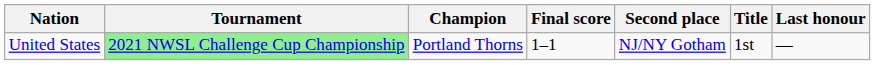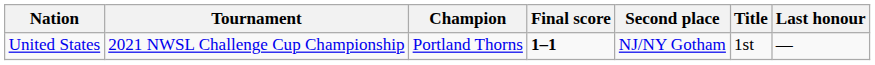 <table class=wikitable style="font-size:14px">
 <tr>
 <th>Nation</th>
 <th>Tournament</th>
 <th>Champion</th>
 <th>Final score</th>
 <th>Second place</th>
 <th data-sort-type="number">Title</th>
 <th>Last honour</th>
 </tr>
 <tr>
 <td rowspan="2"> <a href='#'>United States</a></td>
-<td style="background: lightgreen;"><a href='#'>2021 NWSL Challenge Cup Championship</a></td>
+<td><a href='#'>2021 NWSL Challenge Cup Championship</a></td>
 <td><a href='#'>Portland Thorns</a></td>
-<td>1–1 </td>
+<td><strong>1–1 </strong></td>
 <td><a href='#'>NJ/NY Gotham</a></td>
 <td>1st</td>
 <td>—</td>
 </tr>
 </table>
